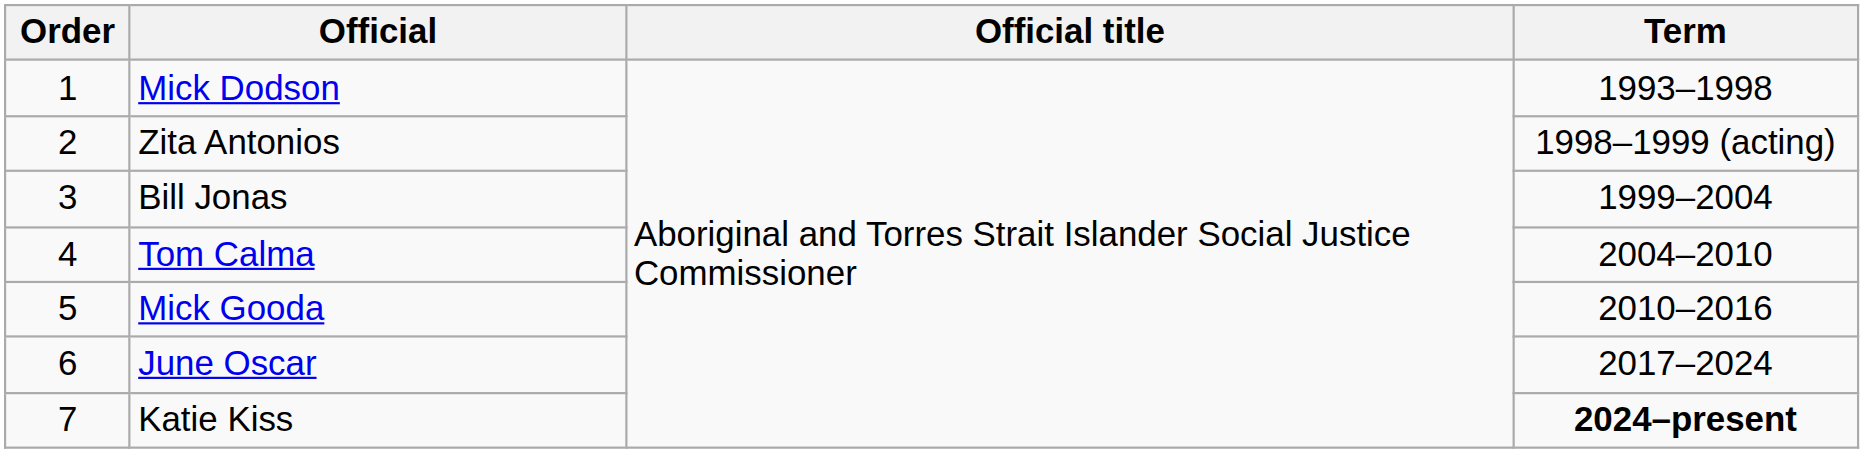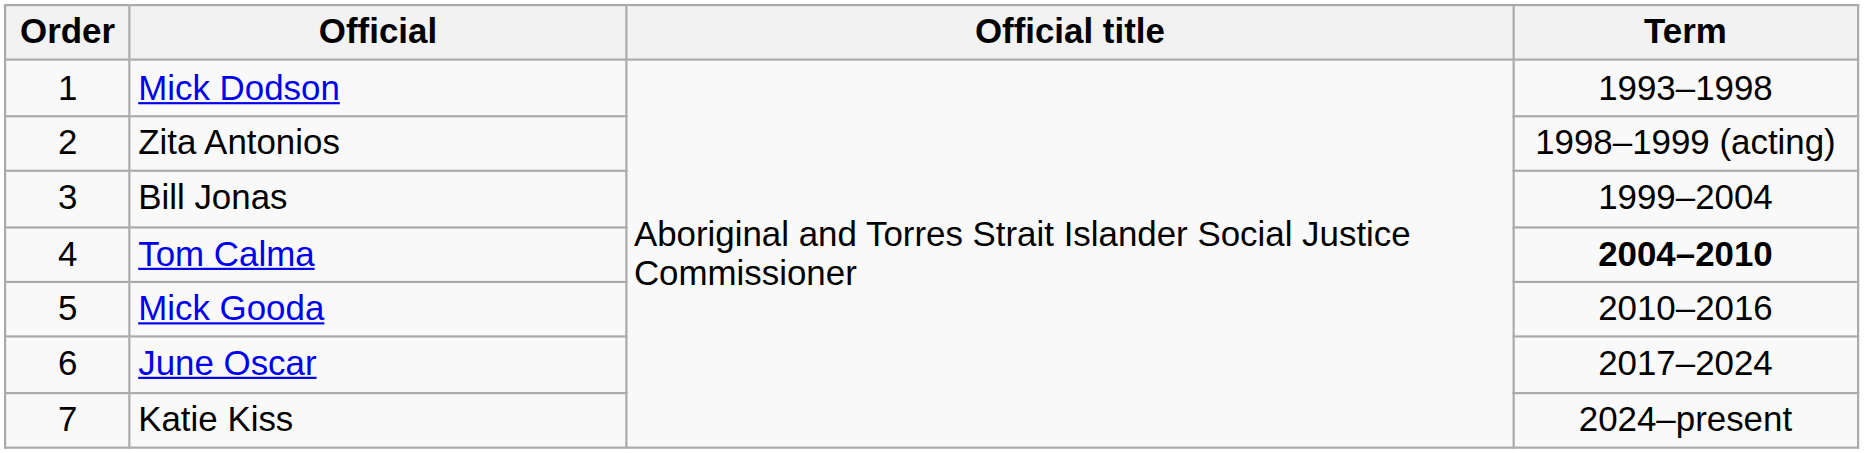 <table class="wikitable">
 <tr>
 <th width=50>Order</th>
 <th width=220>Official</th>
 <th width=400>Official title</th>
 <th width=150>Term</th>
 </tr>
 <tr>
 <td align=center>1</td>
 <td><a href='#'>Mick Dodson</a></td>
 <td rowspan=7>Aboriginal and Torres Strait Islander Social Justice Commissioner</td>
 <td align=center>1993–1998</td>
 </tr>
 <tr>
 <td align=center>2</td>
 <td>Zita Antonios</td>
 <td align=center>1998–1999 (acting)</td>
 </tr>
 <tr>
 <td align=center>3</td>
 <td>Bill Jonas</td>
 <td align=center>1999–2004</td>
 </tr>
 <tr>
 <td align=center>4</td>
 <td><a href='#'>Tom Calma</a></td>
-<td align=center>2004–2010</td>
+<td align=center><strong>2004–2010</strong></td>
 </tr>
 <tr>
 <td align=center>5</td>
 <td><a href='#'>Mick Gooda</a></td>
 <td align=center>2010–2016</td>
 </tr>
 <tr>
 <td align=center>6</td>
 <td><a href='#'>June Oscar</a></td>
 <td align=center>2017–2024</td>
 </tr>
 <tr>
 <td align=center>7</td>
 <td>Katie Kiss</td>
-<td align=center><strong>2024–present</strong></td>
+<td align=center>2024–present</td>
 </tr>
 </table>
